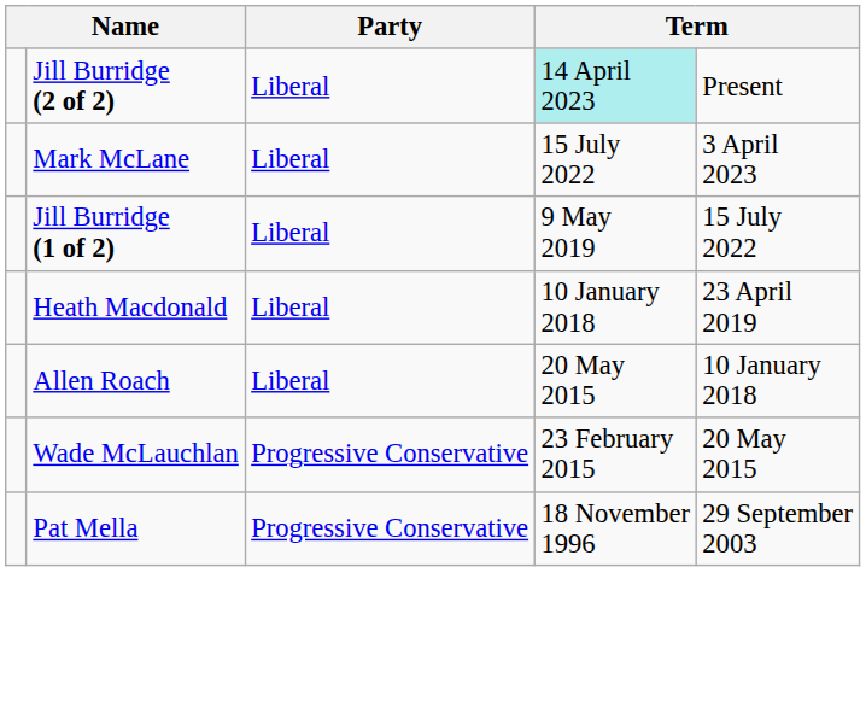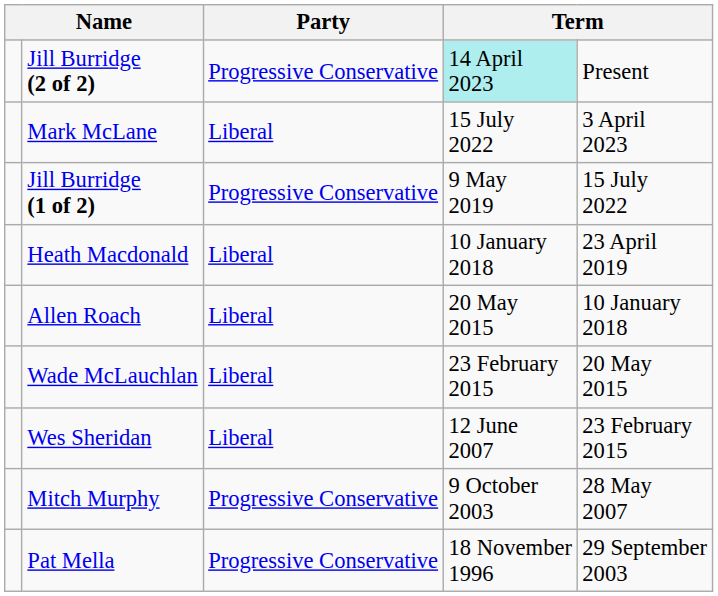 <table class="wikitable">
 <tr>
 <th colspan="2">Name</th>
 <th>Party</th>
 <th colspan="2">Term</th>
 </tr>
 <tr>
 <td width="5px" style="color:inherit;background:"></td>
 <td><a href='#'>Jill Burridge</a><br><strong>(2 of 2)</strong></td>
-<td><a href='#'>Liberal</a></td>
+<td><a href='#'>Progressive Conservative</a></td>
 <td style="background: paleturquoise;">14 April<br>2023</td>
 <td>Present</td>
 </tr>
 <tr>
 <td width="5px" style="color:inherit;background:"></td>
 <td><a href='#'>Mark McLane</a></td>
 <td><a href='#'>Liberal</a></td>
 <td>15 July<br>2022</td>
 <td>3 April<br>2023</td>
 </tr>
 <tr>
 <td width="5px" style="color:inherit;background:"></td>
 <td><a href='#'>Jill Burridge</a><br><strong>(1 of 2)</strong></td>
-<td><a href='#'>Liberal</a></td>
+<td><a href='#'>Progressive Conservative</a></td>
 <td>9 May<br>2019</td>
 <td>15 July<br>2022</td>
 </tr>
 <tr>
 <td width=5px style="color:inherit;background:"></td>
 <td><a href='#'>Heath Macdonald</a></td>
 <td><a href='#'>Liberal</a></td>
 <td>10 January<br>2018</td>
 <td>23 April<br>2019</td>
 </tr>
 <tr>
 <td width=5px style="color:inherit;background:"></td>
 <td><a href='#'>Allen Roach</a></td>
 <td><a href='#'>Liberal</a></td>
 <td>20 May<br>2015</td>
 <td>10 January<br>2018</td>
 </tr>
 <tr>
 <td width=5px style="color:inherit;background:"></td>
 <td><a href='#'>Wade McLauchlan</a></td>
-<td><a href='#'>Progressive Conservative</a></td>
+<td><a href='#'>Liberal</a></td>
 <td>23 February<br>2015</td>
 <td>20 May<br>2015</td>
+</tr>
+<tr>
+<td width=5px style="color:inherit;background:"></td>
+<td><a href='#'>Wes Sheridan</a></td>
+<td><a href='#'>Liberal</a></td>
+<td>12 June<br>2007</td>
+<td>23 February<br>2015</td>
+</tr>
+<tr>
+<td width="5px" style="color:inherit;background:"></td>
+<td><a href='#'>Mitch Murphy</a></td>
+<td><a href='#'>Progressive Conservative</a></td>
+<td>9 October<br>2003</td>
+<td>28 May<br>2007</td>
 </tr>
 <tr>
 <td width="5px" style="color:inherit;background:"></td>
 <td><a href='#'>Pat Mella</a></td>
 <td><a href='#'>Progressive Conservative</a></td>
 <td>18 November<br>1996</td>
 <td>29 September<br>2003</td>
 </tr>
 </table>
